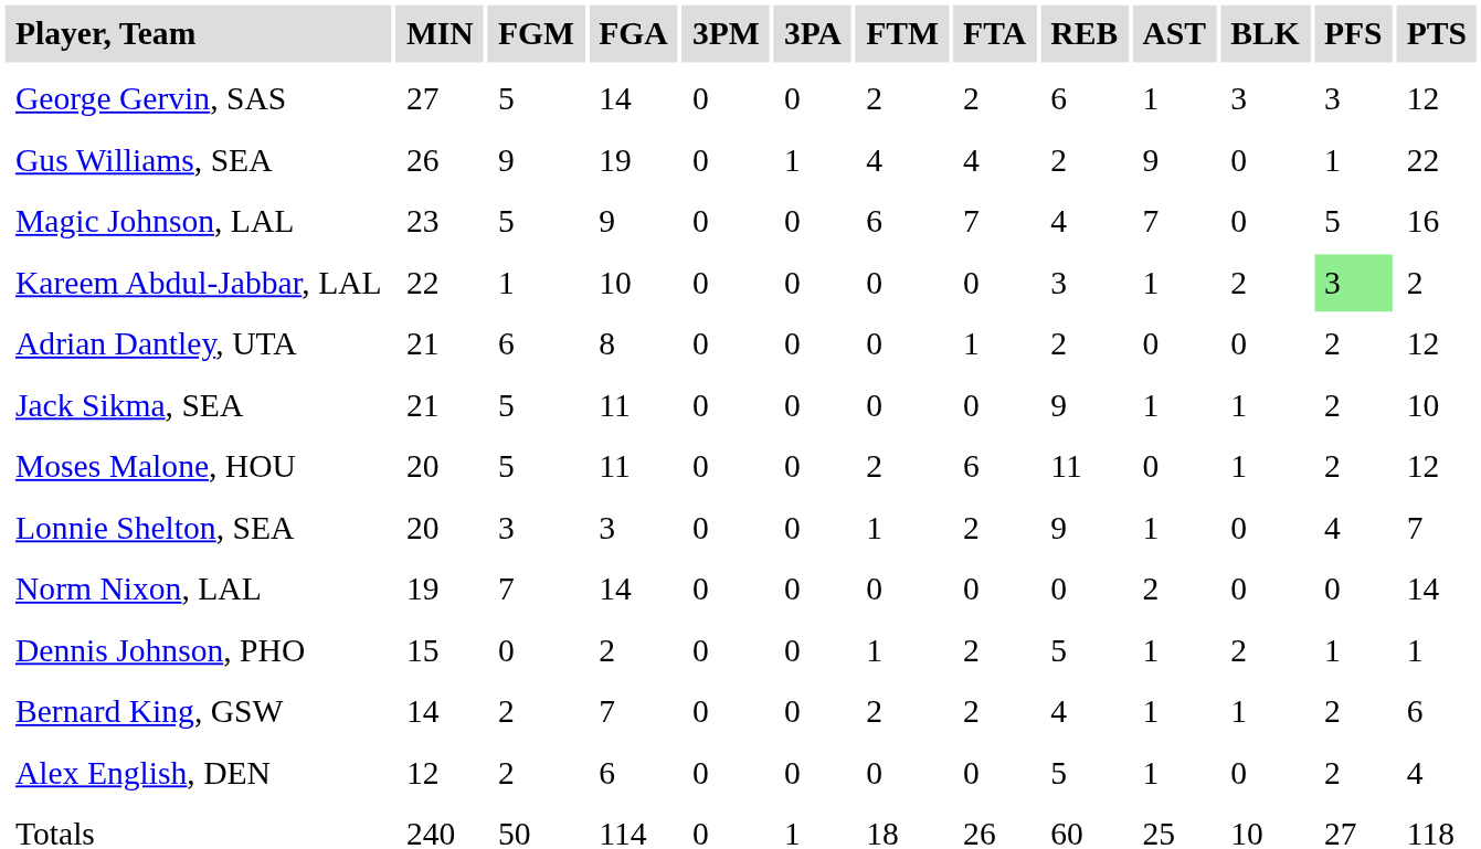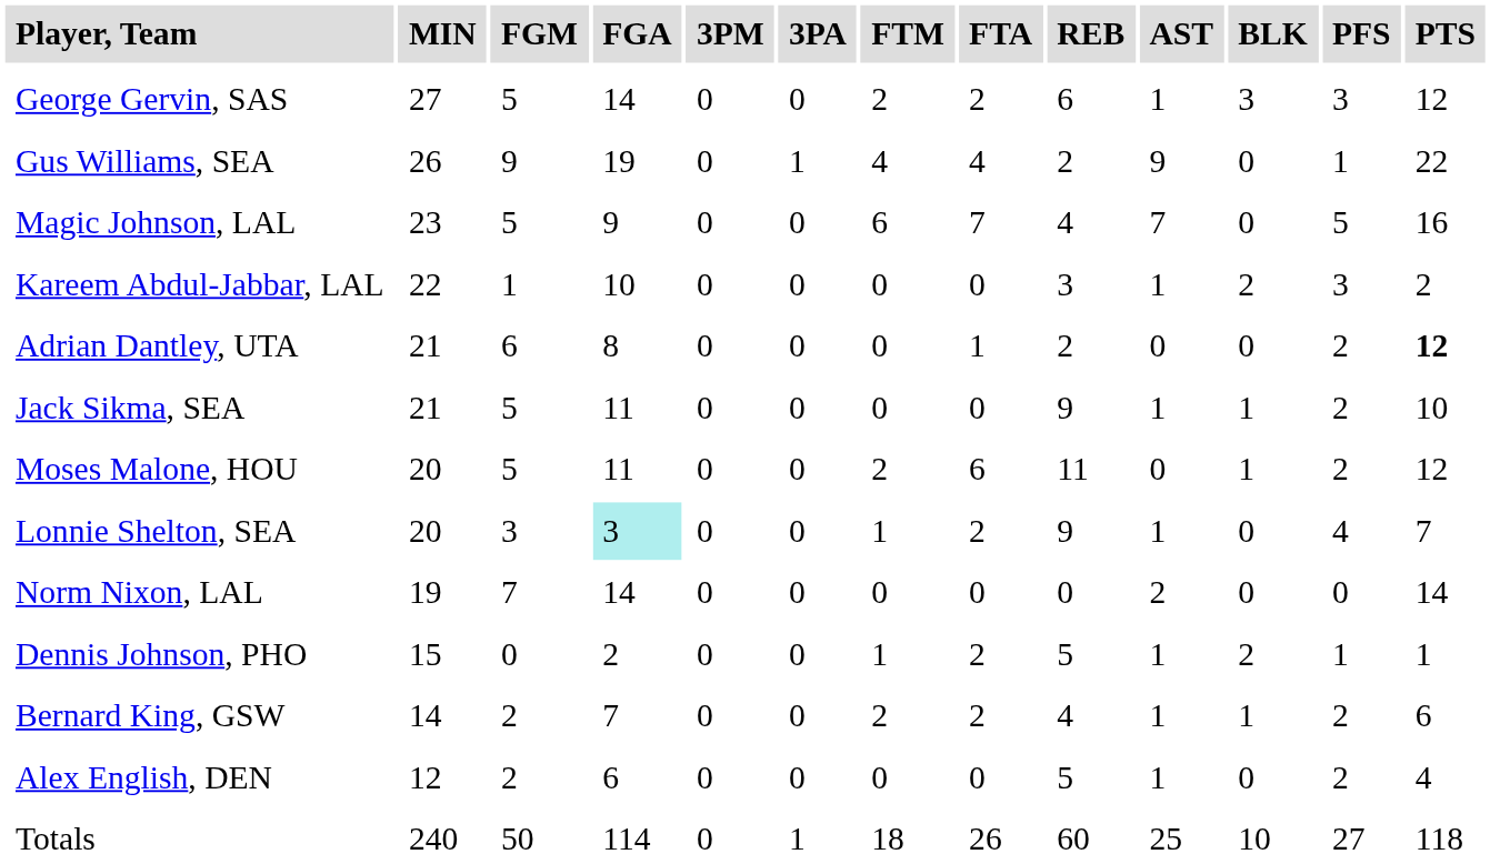 <table cellpadding=5>
 <tr bgcolor="#dddddd">
 <td><strong>Player, Team</strong></td>
 <td><strong>MIN</strong></td>
 <td><strong>FGM</strong></td>
 <td><strong>FGA</strong></td>
 <td><strong>3PM</strong></td>
 <td><strong>3PA</strong></td>
 <td><strong>FTM</strong></td>
 <td><strong>FTA</strong></td>
 <td><strong>REB</strong></td>
 <td><strong>AST</strong></td>
 <td><strong>BLK</strong></td>
 <td><strong>PFS</strong></td>
 <td><strong>PTS</strong></td>
 </tr>
 <tr bgcolor="#eeeeee">
 </tr>
 <tr>
 <td><a href='#'>George Gervin</a>, SAS</td>
 <td>27</td>
 <td>5</td>
 <td>14</td>
 <td>0</td>
 <td>0</td>
 <td>2</td>
 <td>2</td>
 <td>6</td>
 <td>1</td>
 <td>3</td>
 <td>3</td>
 <td>12</td>
 </tr>
 <tr>
 <td><a href='#'>Gus Williams</a>, SEA</td>
 <td>26</td>
 <td>9</td>
 <td>19</td>
 <td>0</td>
 <td>1</td>
 <td>4</td>
 <td>4</td>
 <td>2</td>
 <td>9</td>
 <td>0</td>
 <td>1</td>
 <td>22</td>
 </tr>
 <tr>
 <td><a href='#'>Magic Johnson</a>, LAL</td>
 <td>23</td>
 <td>5</td>
 <td>9</td>
 <td>0</td>
 <td>0</td>
 <td>6</td>
 <td>7</td>
 <td>4</td>
 <td>7</td>
 <td>0</td>
 <td>5</td>
 <td>16</td>
 </tr>
 <tr>
 <td><a href='#'>Kareem Abdul-Jabbar</a>, LAL</td>
 <td>22</td>
 <td>1</td>
 <td>10</td>
 <td>0</td>
 <td>0</td>
 <td>0</td>
 <td>0</td>
 <td>3</td>
 <td>1</td>
 <td>2</td>
-<td style="background: lightgreen;">3</td>
+<td>3</td>
 <td>2</td>
 </tr>
 <tr>
 <td><a href='#'>Adrian Dantley</a>, UTA</td>
 <td>21</td>
 <td>6</td>
 <td>8</td>
 <td>0</td>
 <td>0</td>
 <td>0</td>
 <td>1</td>
 <td>2</td>
 <td>0</td>
 <td>0</td>
 <td>2</td>
-<td>12</td>
+<td><strong>12</strong></td>
 </tr>
 <tr>
 <td><a href='#'>Jack Sikma</a>, SEA</td>
 <td>21</td>
 <td>5</td>
 <td>11</td>
 <td>0</td>
 <td>0</td>
 <td>0</td>
 <td>0</td>
 <td>9</td>
 <td>1</td>
 <td>1</td>
 <td>2</td>
 <td>10</td>
 </tr>
 <tr>
 <td><a href='#'>Moses Malone</a>, HOU</td>
 <td>20</td>
 <td>5</td>
 <td>11</td>
 <td>0</td>
 <td>0</td>
 <td>2</td>
 <td>6</td>
 <td>11</td>
 <td>0</td>
 <td>1</td>
 <td>2</td>
 <td>12</td>
 </tr>
 <tr>
 <td><a href='#'>Lonnie Shelton</a>, SEA</td>
 <td>20</td>
 <td>3</td>
-<td>3</td>
+<td style="background: paleturquoise;">3</td>
 <td>0</td>
 <td>0</td>
 <td>1</td>
 <td>2</td>
 <td>9</td>
 <td>1</td>
 <td>0</td>
 <td>4</td>
 <td>7</td>
 </tr>
 <tr>
 <td><a href='#'>Norm Nixon</a>, LAL</td>
 <td>19</td>
 <td>7</td>
 <td>14</td>
 <td>0</td>
 <td>0</td>
 <td>0</td>
 <td>0</td>
 <td>0</td>
 <td>2</td>
 <td>0</td>
 <td>0</td>
 <td>14</td>
 </tr>
 <tr>
 <td><a href='#'>Dennis Johnson</a>, PHO</td>
 <td>15</td>
 <td>0</td>
 <td>2</td>
 <td>0</td>
 <td>0</td>
 <td>1</td>
 <td>2</td>
 <td>5</td>
 <td>1</td>
 <td>2</td>
 <td>1</td>
 <td>1</td>
 </tr>
 <tr>
 <td><a href='#'>Bernard King</a>, GSW</td>
 <td>14</td>
 <td>2</td>
 <td>7</td>
 <td>0</td>
 <td>0</td>
 <td>2</td>
 <td>2</td>
 <td>4</td>
 <td>1</td>
 <td>1</td>
 <td>2</td>
 <td>6</td>
 </tr>
 <tr>
 <td><a href='#'>Alex English</a>, DEN</td>
 <td>12</td>
 <td>2</td>
 <td>6</td>
 <td>0</td>
 <td>0</td>
 <td>0</td>
 <td>0</td>
 <td>5</td>
 <td>1</td>
 <td>0</td>
 <td>2</td>
 <td>4</td>
 </tr>
 <tr>
 <td>Totals</td>
 <td>240</td>
 <td>50</td>
 <td>114</td>
 <td>0</td>
 <td>1</td>
 <td>18</td>
 <td>26</td>
 <td>60</td>
 <td>25</td>
 <td>10</td>
 <td>27</td>
 <td>118</td>
 </tr>
 <tr>
 </tr>
 </table>
